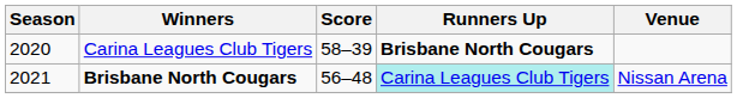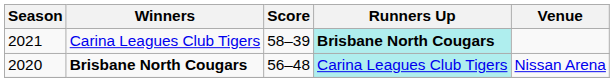 <table class="wikitable collapsible">
 <tr>
 <th>Season</th>
 <th>Winners</th>
 <th>Score</th>
 <th>Runners Up</th>
 <th>Venue</th>
 </tr>
 <tr>
-<td>2020</td>
+<td>2021</td>
 <td><a href='#'>Carina Leagues Club Tigers</a></td>
 <td>58–39</td>
-<td><strong>Brisbane North Cougars</strong></td>
+<td style="background: paleturquoise;"><strong>Brisbane North Cougars</strong></td>
 <td></td>
 </tr>
 <tr>
-<td>2021</td>
+<td>2020</td>
 <td><strong>Brisbane North Cougars</strong></td>
 <td>56–48</td>
 <td style="background: paleturquoise;"><a href='#'>Carina Leagues Club Tigers</a></td>
 <td><a href='#'>Nissan Arena</a></td>
 </tr>
 <tr>
 </tr>
 </table>
